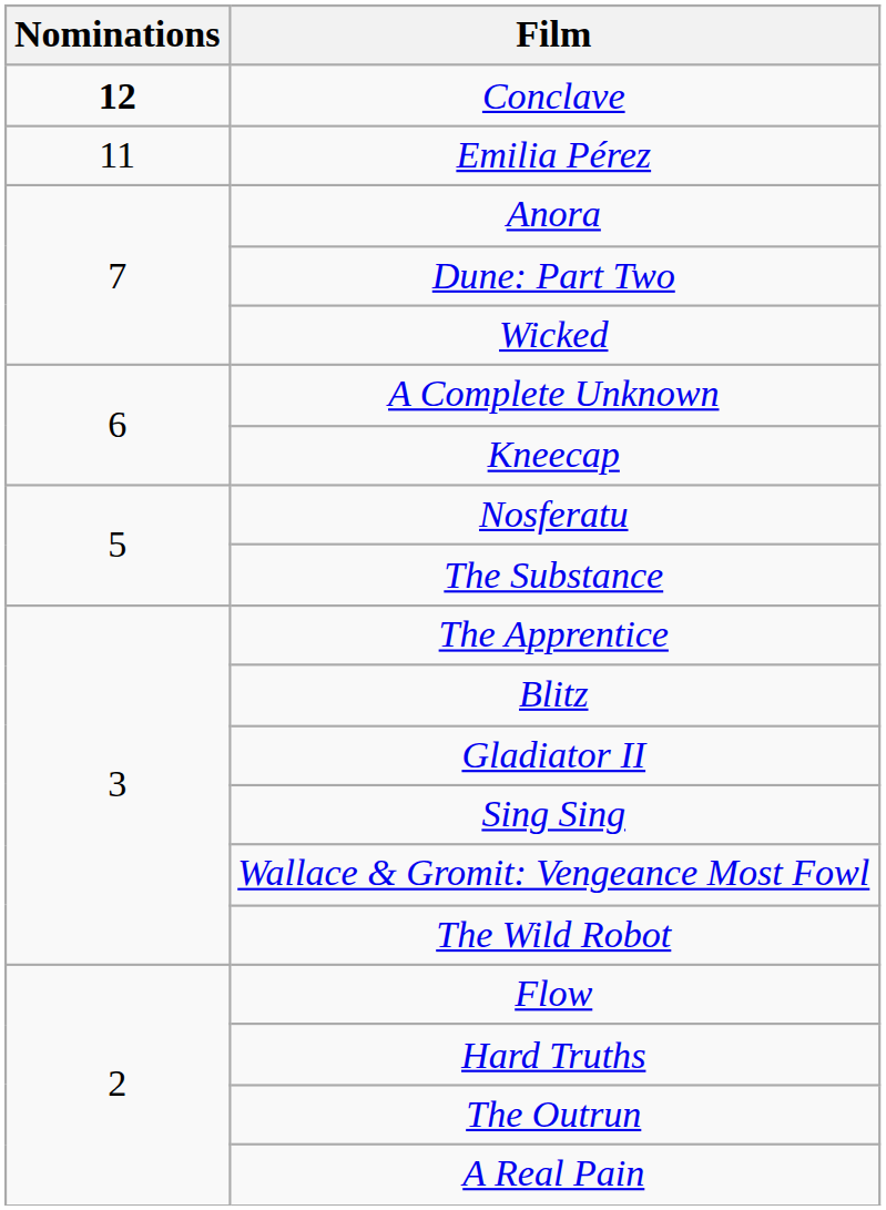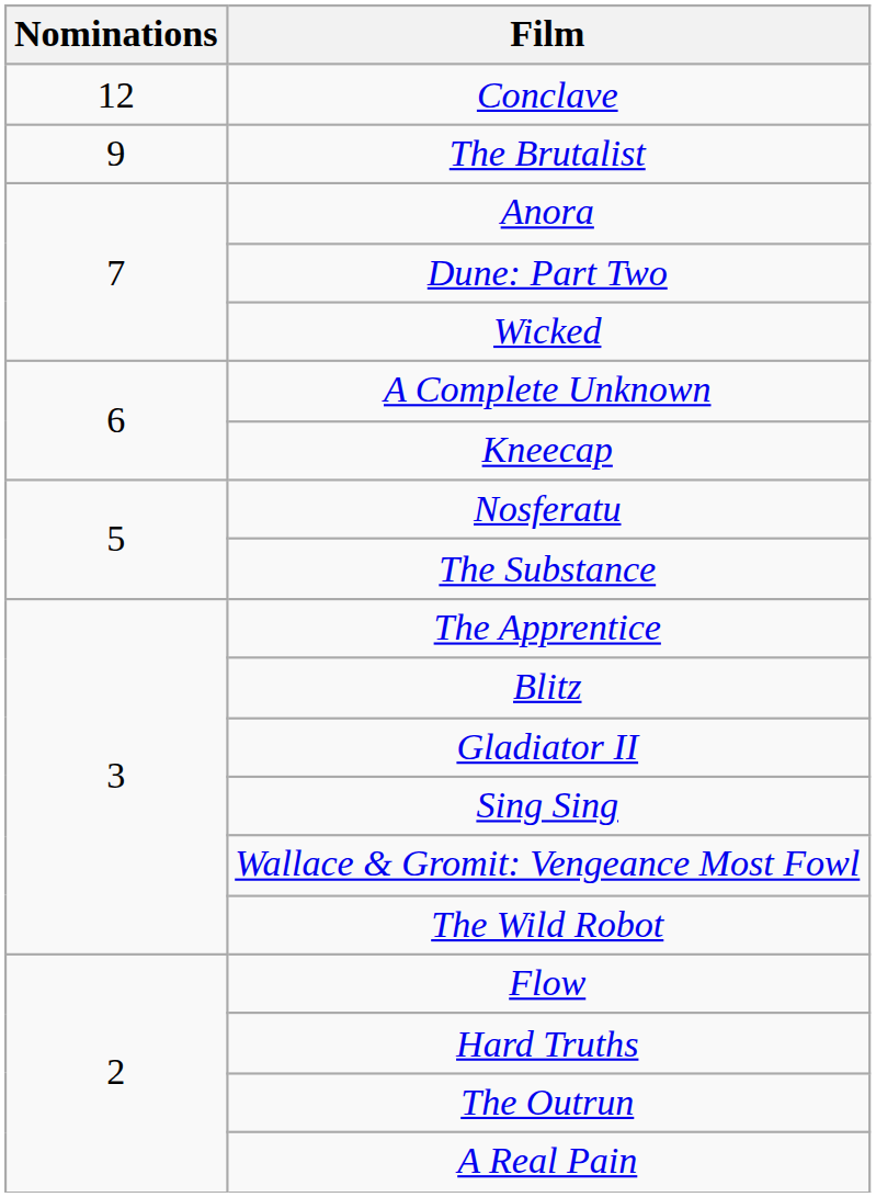 <table class="wikitable" style="text-align:center;">
 <tr>
 <th style="background:">Nominations</th>
 <th style="background:">Film</th>
 </tr>
 <tr>
-<td><strong>12</strong></td>
+<td>12</td>
 <td><em><a href='#'>Conclave</a></em></td>
 </tr>
 <tr>
-<td>11</td>
-<td><em><a href='#'>Emilia Pérez</a></em></td>
+<td>9</td>
+<td><em><a href='#'>The Brutalist</a></em></td>
 </tr>
 <tr>
 <td rowspan="3">7</td>
 <td><em><a href='#'>Anora</a></em></td>
 </tr>
 <tr>
 <td><em><a href='#'>Dune: Part Two</a></em></td>
 </tr>
 <tr>
 <td><em><a href='#'>Wicked</a></em></td>
 </tr>
 <tr>
 <td rowspan="2">6</td>
 <td><em><a href='#'>A Complete Unknown</a></em></td>
 </tr>
 <tr>
 <td><em><a href='#'>Kneecap</a></em></td>
 </tr>
 <tr>
 <td rowspan="2">5</td>
 <td><em><a href='#'>Nosferatu</a></em></td>
 </tr>
 <tr>
 <td><em><a href='#'>The Substance</a></em></td>
 </tr>
 <tr>
 <td rowspan="6">3</td>
 <td><em><a href='#'>The Apprentice</a></em></td>
 </tr>
 <tr>
 <td><em><a href='#'>Blitz</a></em></td>
 </tr>
 <tr>
 <td><em><a href='#'>Gladiator II</a></em></td>
 </tr>
 <tr>
 <td><em><a href='#'>Sing Sing</a></em></td>
 </tr>
 <tr>
 <td><em><a href='#'>Wallace & Gromit: Vengeance Most Fowl</a></em></td>
 </tr>
 <tr>
 <td><em><a href='#'>The Wild Robot</a></em></td>
 </tr>
 <tr>
 <td rowspan="4">2</td>
 <td><em><a href='#'>Flow</a></em></td>
 </tr>
 <tr>
 <td><em><a href='#'>Hard Truths</a></em></td>
 </tr>
 <tr>
 <td><em><a href='#'>The Outrun</a></em></td>
 </tr>
 <tr>
 <td><em><a href='#'>A Real Pain</a></em></td>
 </tr>
 </table>
